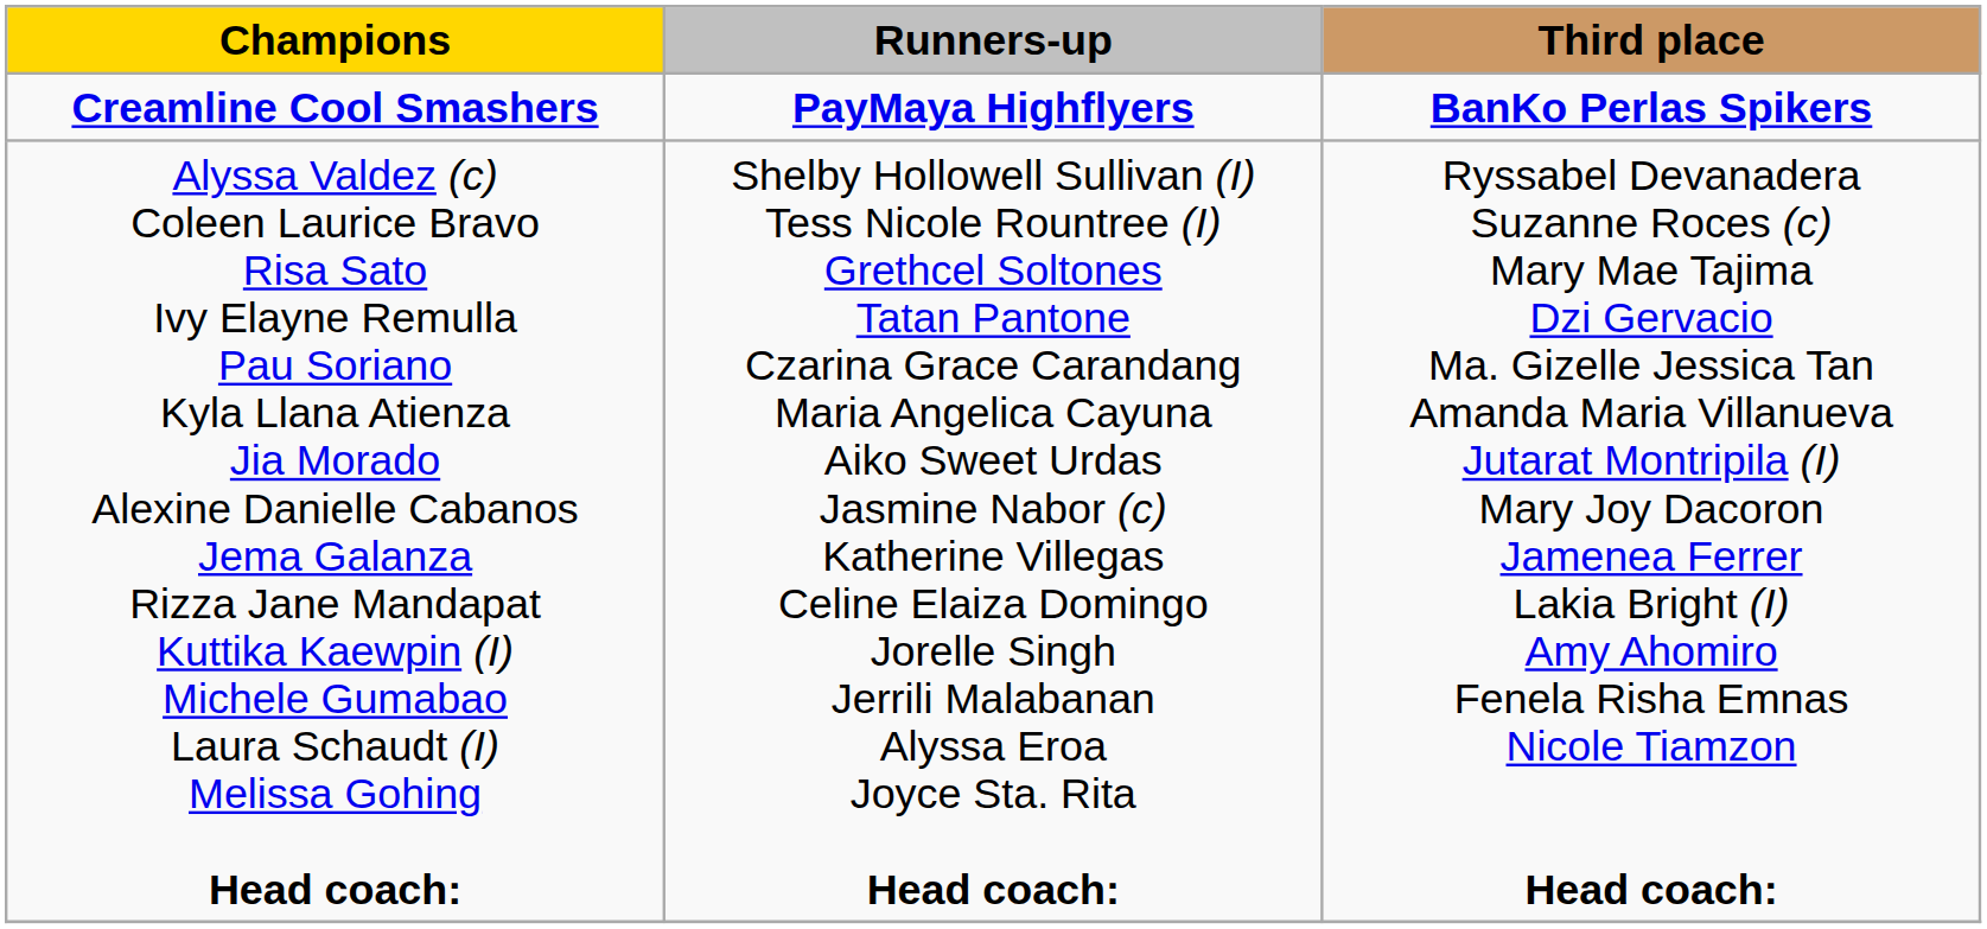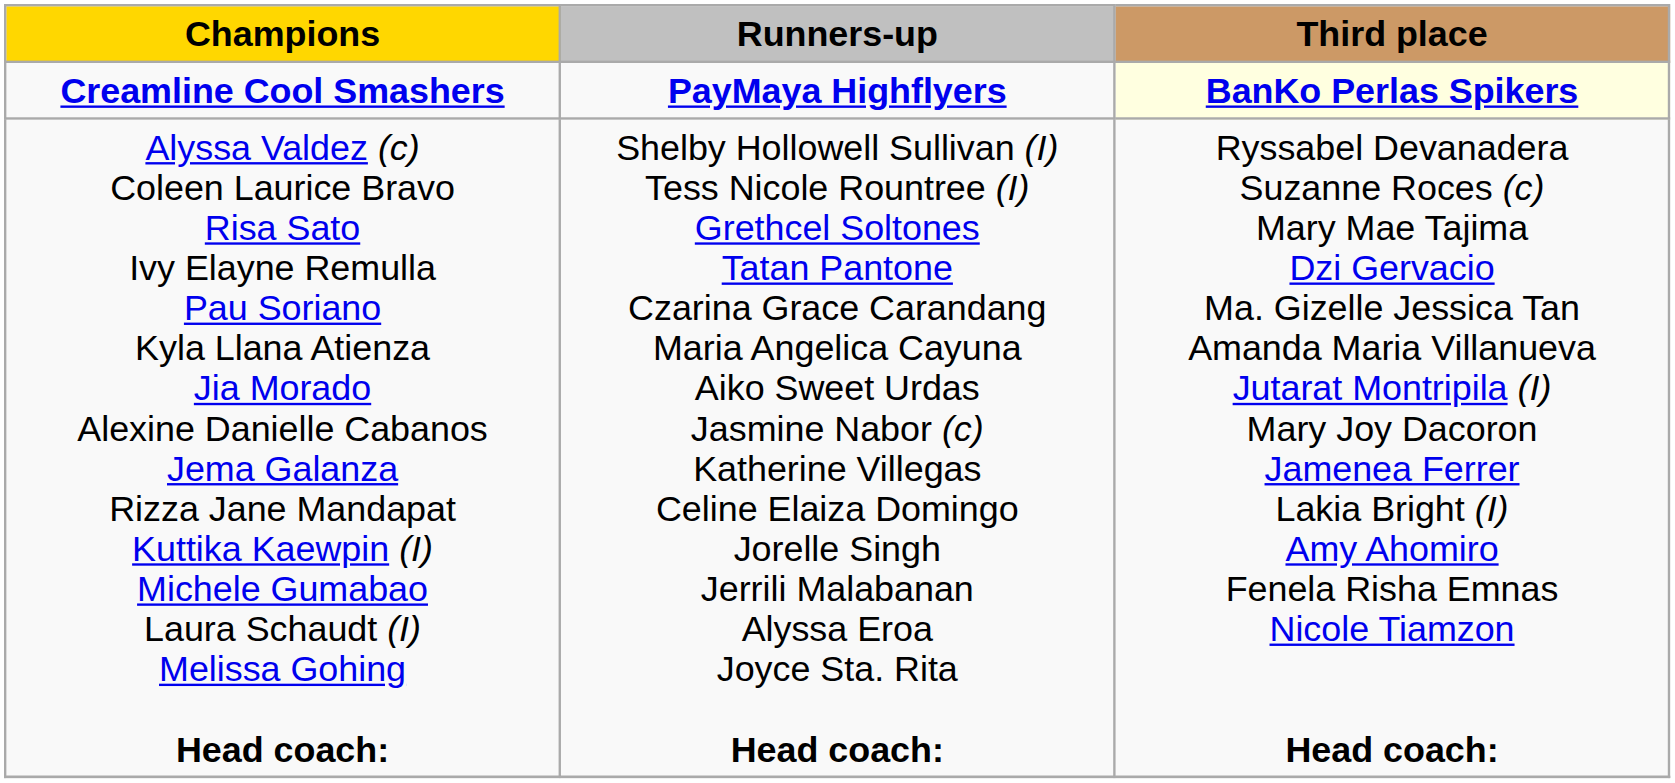 <table class="wikitable" style="text-align:center;font-size:95%;">
 <tr align=center>
 <td style="width:15em;background:gold"> <strong>Champions</strong></td>
 <td style="width:15em;background:silver"> <strong>Runners-up</strong></td>
 <td style="width:15em;background:#CC9966"> <strong>Third place</strong></td>
 </tr>
 <tr valign=top>
 <td><strong><a href='#'>Creamline Cool Smashers</a></strong></td>
 <td><strong><a href='#'>PayMaya Highflyers</a></strong></td>
-<td><strong><a href='#'>BanKo Perlas Spikers</a></strong></td>
+<td style="background: lightyellow;"><strong><a href='#'>BanKo Perlas Spikers</a></strong></td>
 </tr>
 <tr valign=top'>
 <td><a href='#'>Alyssa Valdez</a> <em>(c)</em><br>Coleen Laurice Bravo<br><a href='#'>Risa Sato</a><br>Ivy Elayne Remulla<br><a href='#'>Pau Soriano</a><br>Kyla Llana Atienza<br><a href='#'>Jia Morado</a><br>Alexine Danielle Cabanos<br><a href='#'>Jema Galanza</a><br>Rizza Jane Mandapat<br><a href='#'>Kuttika Kaewpin</a> <em>(I)</em><br><a href='#'>Michele Gumabao</a><br>Laura Schaudt <em>(I)</em><br><a href='#'>Melissa Gohing</a><br><br><strong>Head coach:</strong> </td>
 <td>Shelby Hollowell Sullivan <em>(I)</em><br>Tess Nicole Rountree <em>(I)</em><br><a href='#'>Grethcel Soltones</a><br><a href='#'>Tatan Pantone</a><br>Czarina Grace Carandang<br>Maria Angelica Cayuna<br>Aiko Sweet Urdas<br>Jasmine Nabor <em>(c)</em><br>Katherine Villegas<br>Celine Elaiza Domingo<br>Jorelle Singh<br>Jerrili Malabanan<br>Alyssa Eroa<br>Joyce Sta. Rita<br><br><strong>Head coach:</strong> </td>
 <td>Ryssabel Devanadera<br>Suzanne Roces <em>(c)</em><br>Mary Mae Tajima<br><a href='#'>Dzi Gervacio</a><br>Ma. Gizelle Jessica Tan<br>Amanda Maria Villanueva<br><a href='#'>Jutarat Montripila</a> <em>(I)</em><br>Mary Joy Dacoron<br><a href='#'>Jamenea Ferrer</a><br>Lakia Bright <em>(I)</em><br><a href='#'>Amy Ahomiro</a><br>Fenela Risha Emnas<br><a href='#'>Nicole Tiamzon</a><br><br><br><strong>Head coach:</strong>  </td>
 </tr>
 <tr>
 </tr>
 </table>
